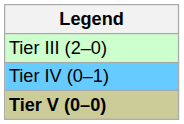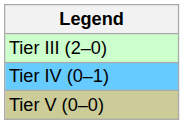 <table class="wikitable" style="font-size:90%;" width=11%>
 <tr>
 <th>Legend</th>
 </tr>
 <tr>
 <td bgcolor=#CCFFCC>Tier III (2–0)</td>
 </tr>
 <tr>
 <td bgcolor=#66CCFF>Tier IV (0–1)</td>
 </tr>
 <tr>
-<td bgcolor=#CCCC99><strong>Tier V (0–0)</strong></td>
+<td bgcolor=#CCCC99>Tier V (0–0)</td>
 </tr>
 </table>
